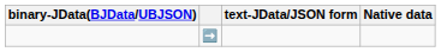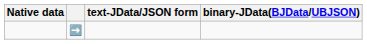 <table class="wikitable tpl-blanktable">
 <tr>
-<th>binary-JData(<a href='#'>BJData</a>/<a href='#'>UBJSON</a>)</th>
+<th>Native data</th>
 <th></th>
 <th>text-JData/JSON form</th>
-<th>Native data</th>
+<th>binary-JData(<a href='#'>BJData</a>/<a href='#'>UBJSON</a>)</th>
 </tr>
 <tr>
 <td></td>
 <td>➡️</td>
 <td></td>
 <td></td>
 </tr>
 </table>
